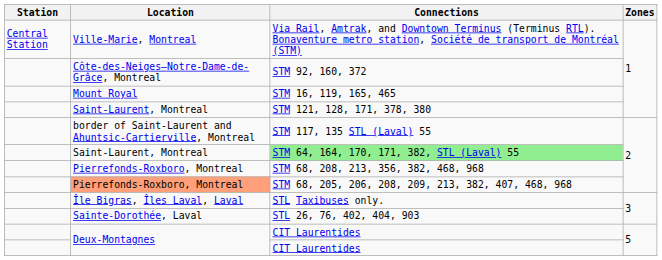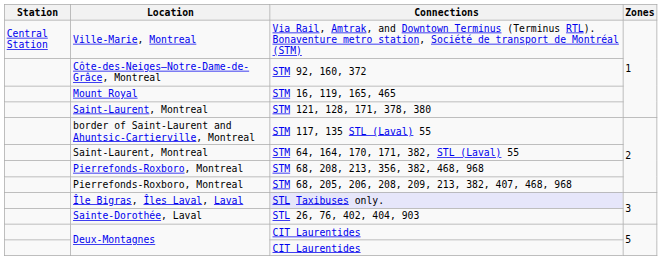 <table class="wikitable">
 <tr>
 <th>Station</th>
 <th>Location</th>
 <th>Connections</th>
 <th>Zones</th>
 </tr>
 <tr>
 <td><a href='#'>Central Station</a></td>
 <td><a href='#'>Ville-Marie</a>, <a href='#'>Montreal</a></td>
 <td><a href='#'>Via Rail</a>, <a href='#'>Amtrak</a>, and <a href='#'>Downtown Terminus</a> (Terminus <a href='#'>RTL</a>). <a href='#'>Bonaventure metro station</a>, <a href='#'>Société de transport de Montréal (STM)</a></td>
 <td rowspan="4">1</td>
 </tr>
 <tr>
 <td></td>
 <td><a href='#'>Côte-des-Neiges–Notre-Dame-de-Grâce</a>, Montreal</td>
 <td><a href='#'>STM</a> 92, 160, 372</td>
 </tr>
 <tr>
 <td></td>
 <td><a href='#'>Mount Royal</a></td>
 <td><a href='#'>STM</a> 16, 119, 165, 465</td>
 </tr>
 <tr>
 <td></td>
 <td><a href='#'>Saint-Laurent</a>, Montreal</td>
 <td><a href='#'>STM</a> 121, 128, 171, 378, 380</td>
 </tr>
 <tr>
 <td></td>
 <td>border of Saint-Laurent and <a href='#'>Ahuntsic-Cartierville</a>, Montreal</td>
 <td><a href='#'>STM</a> 117, 135 <a href='#'>STL (Laval)</a> 55</td>
 <td rowspan="4">2</td>
 </tr>
 <tr>
 <td></td>
 <td>Saint-Laurent, Montreal</td>
-<td style="background: lightgreen;"><a href='#'>STM</a> 64, 164, 170, 171, 382, <a href='#'>STL (Laval)</a> 55</td>
+<td><a href='#'>STM</a> 64, 164, 170, 171, 382, <a href='#'>STL (Laval)</a> 55</td>
 </tr>
 <tr>
 <td></td>
 <td><a href='#'>Pierrefonds-Roxboro</a>, Montreal</td>
 <td><a href='#'>STM</a> 68, 208, 213, 356, 382, 468, 968</td>
 </tr>
 <tr>
 <td></td>
-<td style="background: lightsalmon;">Pierrefonds-Roxboro, Montreal</td>
+<td>Pierrefonds-Roxboro, Montreal</td>
 <td><a href='#'>STM</a> 68, 205, 206, 208, 209, 213, 382, 407, 468, 968</td>
 </tr>
 <tr>
 <td></td>
 <td><a href='#'>Île Bigras</a>, <a href='#'>Îles Laval</a>, <a href='#'>Laval</a></td>
-<td><a href='#'>STL</a> <a href='#'>Taxibuses</a> only.</td>
+<td style="background: lavender;"><a href='#'>STL</a> <a href='#'>Taxibuses</a> only.</td>
 <td rowspan="2">3</td>
 </tr>
 <tr>
 <td></td>
 <td><a href='#'>Sainte-Dorothée</a>, Laval</td>
 <td><a href='#'>STL</a> 26, 76, 402, 404, 903</td>
 </tr>
 <tr>
 <td></td>
 <td rowspan="2"><a href='#'>Deux-Montagnes</a></td>
 <td><a href='#'>CIT Laurentides</a></td>
 <td rowspan="2">5</td>
 </tr>
 <tr>
 <td></td>
 <td><a href='#'>CIT Laurentides</a></td>
 </tr>
 </table>
